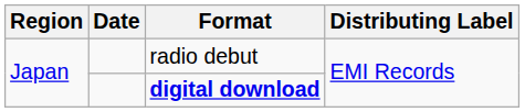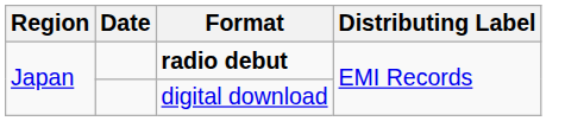 <table class="wikitable">
 <tr>
 <th>Region</th>
 <th>Date</th>
 <th>Format</th>
 <th>Distributing Label</th>
 </tr>
 <tr>
 <td rowspan="2"><a href='#'>Japan</a></td>
 <td></td>
-<td>radio debut</td>
+<td><strong>radio debut</strong></td>
 <td rowspan="2"><a href='#'>EMI Records</a></td>
 </tr>
 <tr>
 <td></td>
-<td><strong><a href='#'>digital download</a></strong></td>
+<td><a href='#'>digital download</a></td>
 </tr>
 </table>
